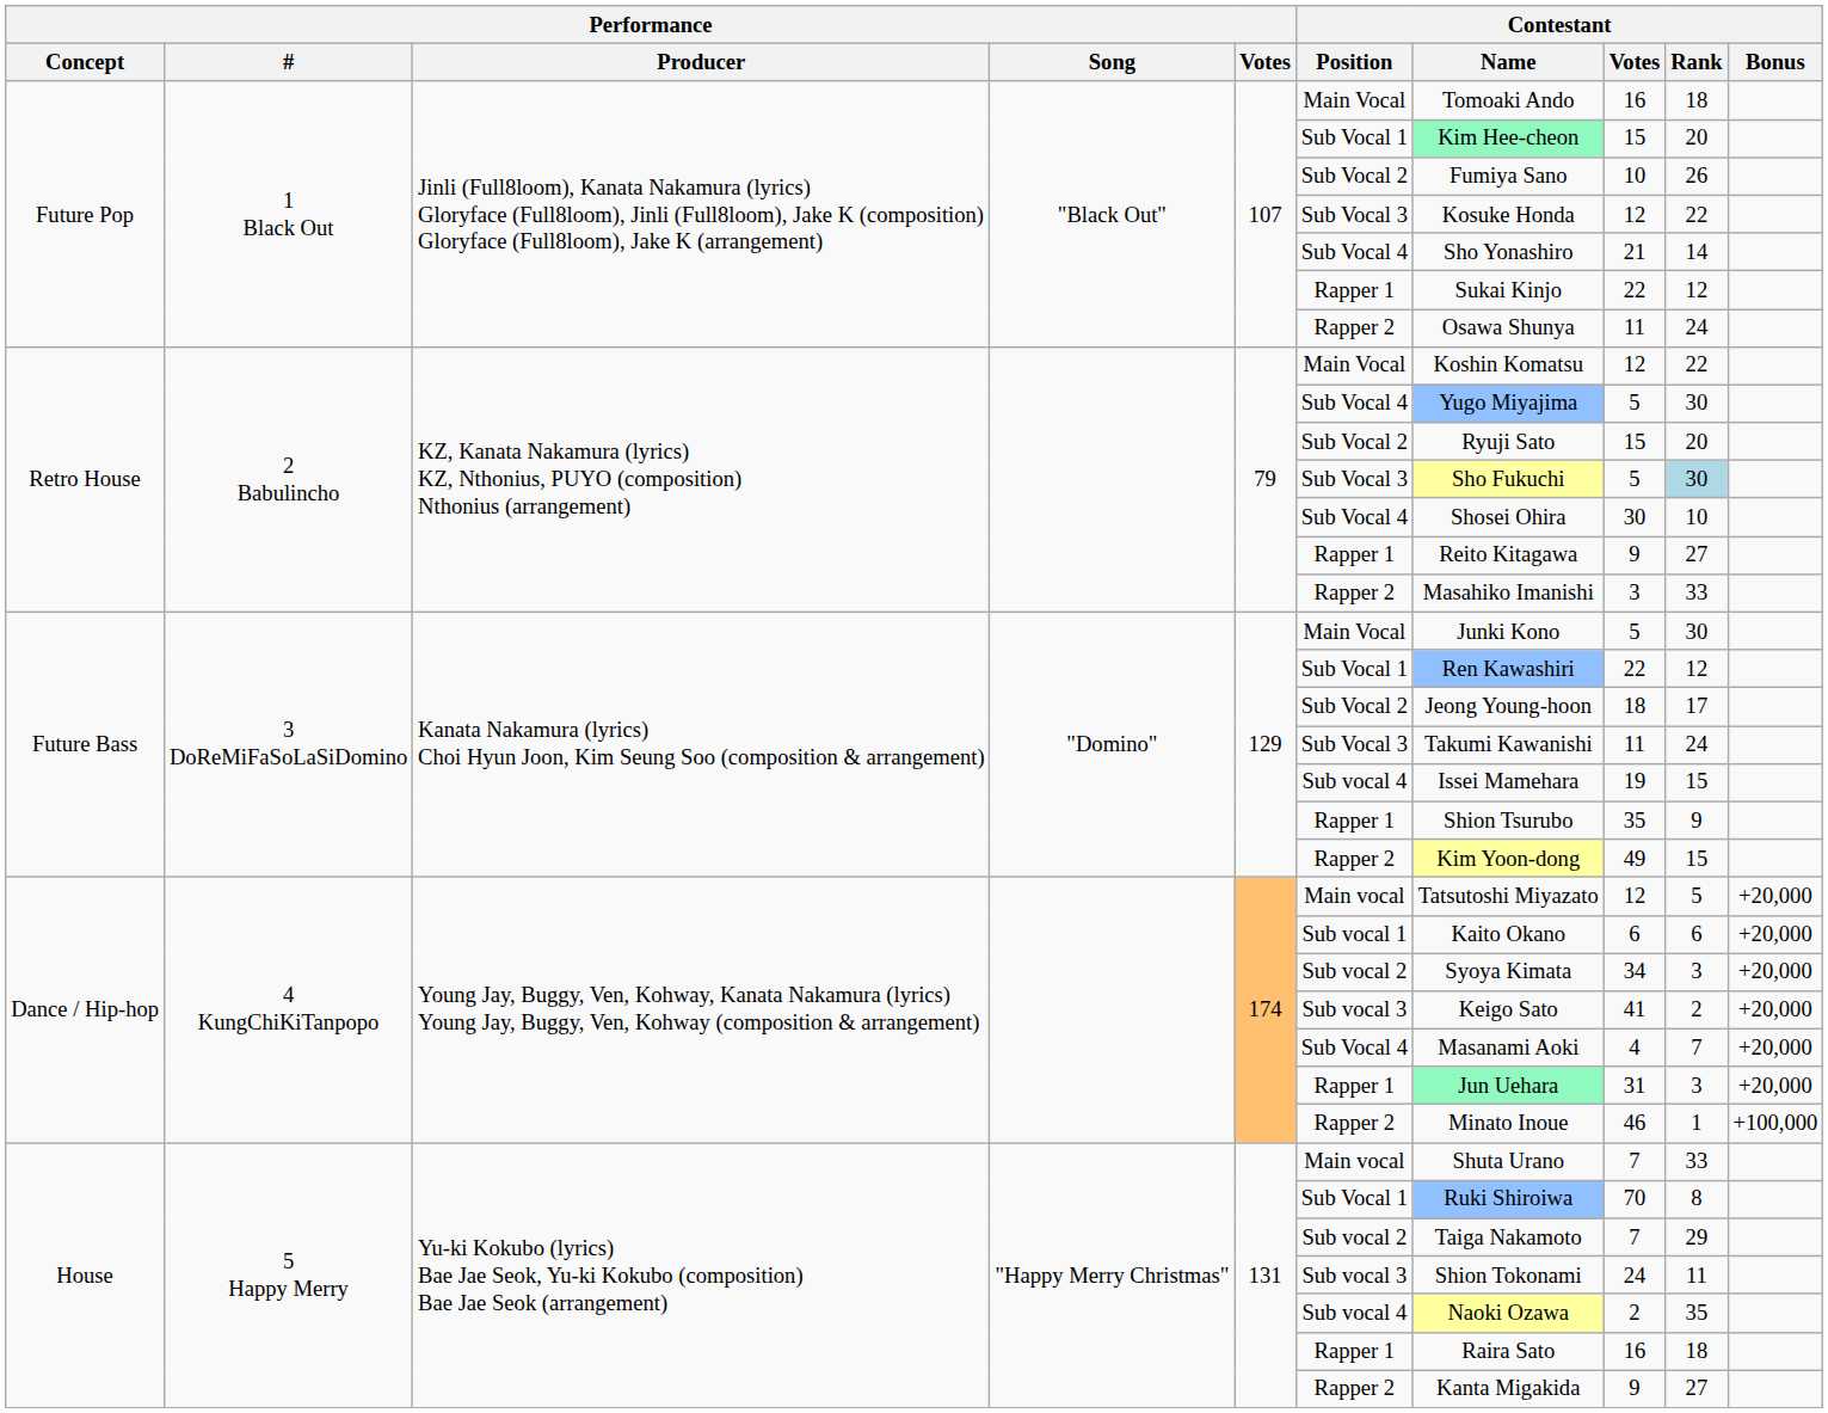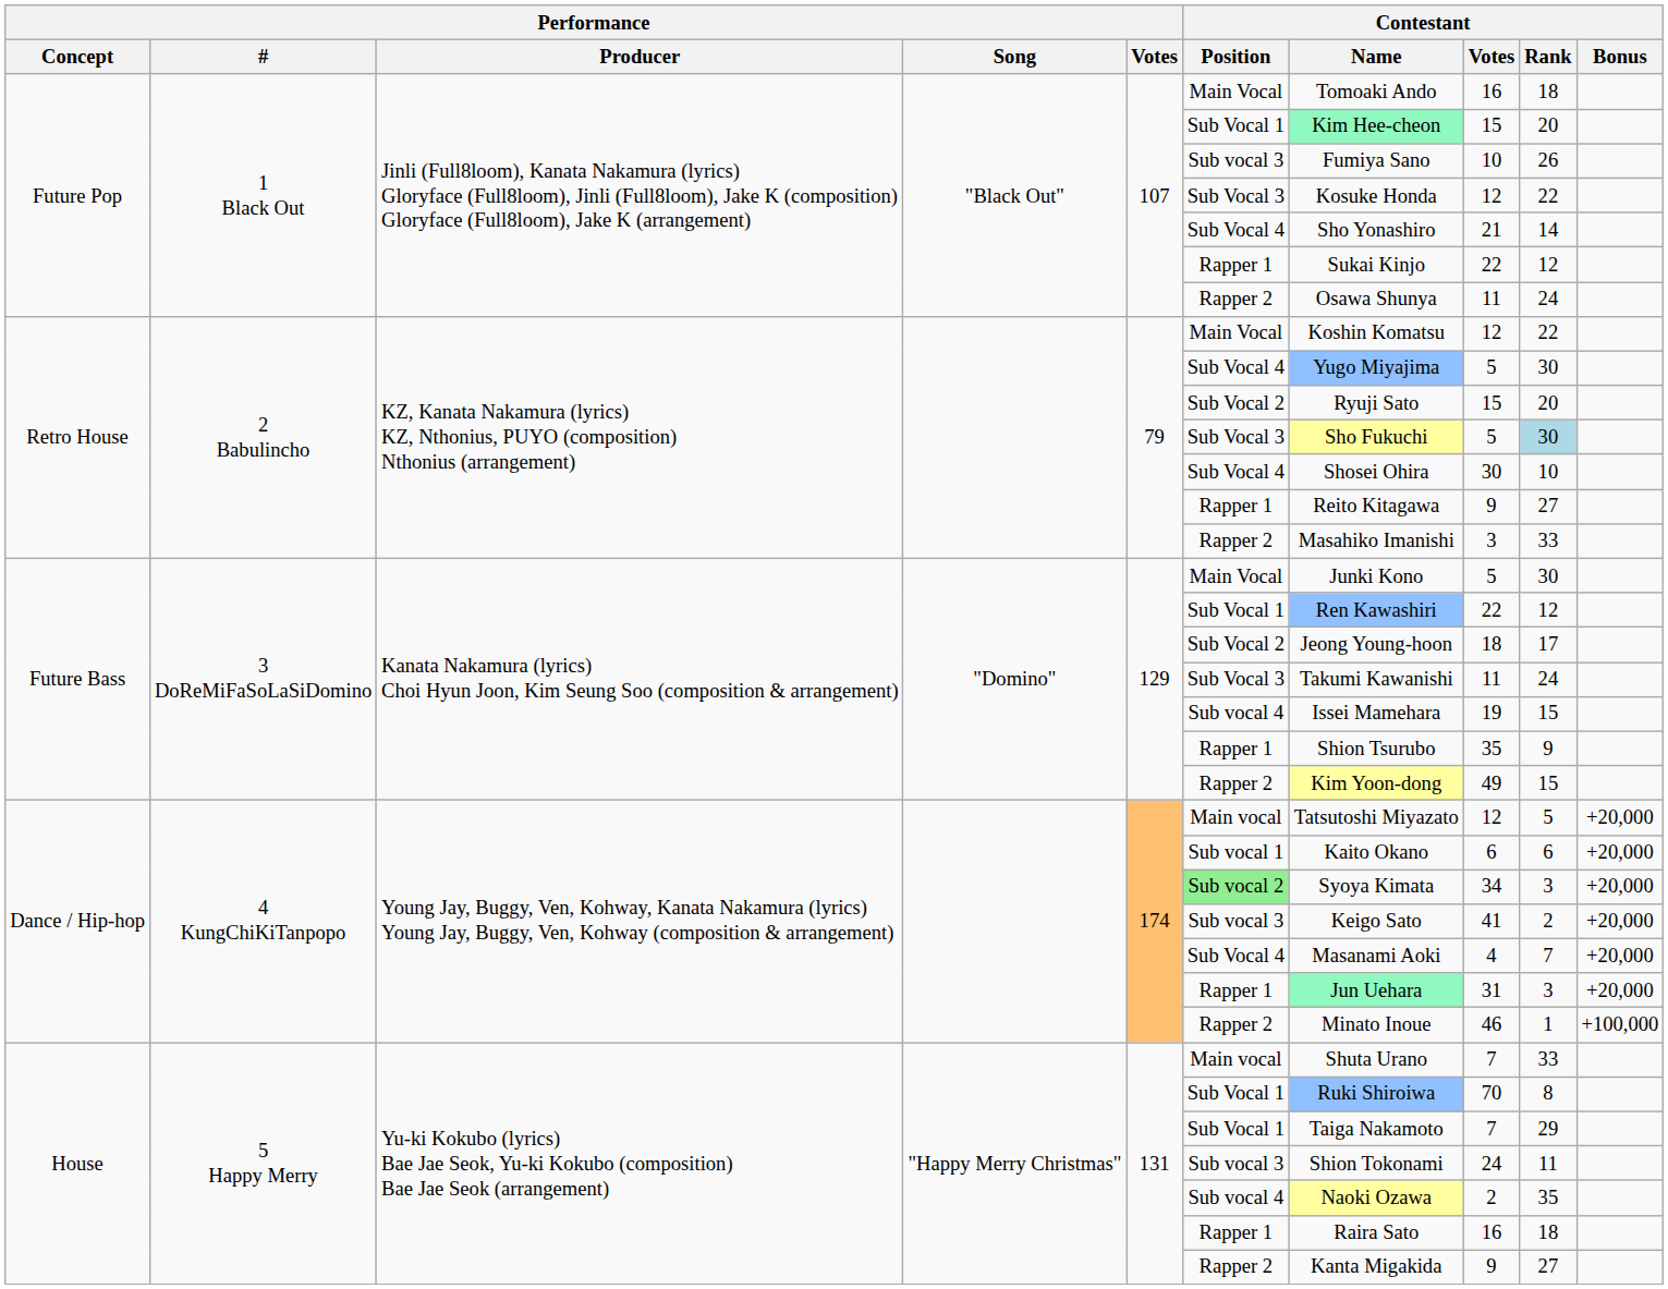 <table class="wikitable sortable" style="text-align:center; font-size: small;">
 <tr>
 <th colspan=5>Performance</th>
 <th colspan="5">Contestant</th>
 </tr>
 <tr>
 <th>Concept</th>
 <th>#</th>
 <th class=unsortable>Producer</th>
 <th class=unsortable>Song</th>
 <th>Votes</th>
 <th>Position</th>
 <th>Name</th>
 <th>Votes</th>
 <th>Rank</th>
 <th>Bonus</th>
 </tr>
 <tr>
 <td rowspan=7>Future Pop</td>
 <td rowspan=7>1<br>Black Out</td>
 <td rowspan=7 align=left>Jinli (Full8loom), Kanata Nakamura (lyrics)<br>Gloryface (Full8loom), Jinli (Full8loom), Jake K (composition)<br>Gloryface (Full8loom), Jake K (arrangement)</td>
 <td rowspan=7>"Black Out"</td>
 <td rowspan=7>107</td>
 <td>Main Vocal</td>
 <td>Tomoaki Ando</td>
 <td>16</td>
 <td>18</td>
 <td></td>
 </tr>
 <tr>
 <td>Sub Vocal 1</td>
 <td style=background:#90F9C0;>Kim Hee-cheon</td>
 <td>15</td>
 <td>20</td>
 <td></td>
 </tr>
 <tr>
-<td>Sub Vocal 2</td>
+<td>Sub vocal 3</td>
 <td>Fumiya Sano</td>
 <td>10</td>
 <td>26</td>
 <td></td>
 </tr>
 <tr>
 <td>Sub Vocal 3</td>
 <td>Kosuke Honda</td>
 <td>12</td>
 <td>22</td>
 <td></td>
 </tr>
 <tr>
 <td>Sub Vocal 4</td>
 <td>Sho Yonashiro</td>
 <td>21</td>
 <td>14</td>
 <td></td>
 </tr>
 <tr>
 <td>Rapper 1</td>
 <td>Sukai Kinjo</td>
 <td>22</td>
 <td>12</td>
 <td></td>
 </tr>
 <tr>
 <td>Rapper 2</td>
 <td>Osawa Shunya</td>
 <td>11</td>
 <td>24</td>
 <td></td>
 </tr>
 <tr>
 <td rowspan=7>Retro House</td>
 <td rowspan=7>2<br>Babulincho<br></td>
 <td rowspan=7 align=left>KZ, Kanata Nakamura (lyrics)<br>KZ, Nthonius, PUYO (composition)<br>Nthonius (arrangement)</td>
 <td rowspan=7></td>
 <td rowspan=7>79</td>
 <td>Main Vocal</td>
 <td>Koshin Komatsu</td>
 <td>12</td>
 <td>22</td>
 <td></td>
 </tr>
 <tr>
 <td>Sub Vocal 4</td>
 <td style=background:#90C0FF;>Yugo Miyajima</td>
 <td>5</td>
 <td>30</td>
 <td></td>
 </tr>
 <tr>
 <td>Sub Vocal 2</td>
 <td>Ryuji Sato</td>
 <td>15</td>
 <td>20</td>
 <td></td>
 </tr>
 <tr>
 <td>Sub Vocal 3</td>
 <td style=background:#FFFF9F;>Sho Fukuchi</td>
 <td>5</td>
 <td style="background: lightblue;">30</td>
 <td></td>
 </tr>
 <tr>
 <td>Sub Vocal 4</td>
 <td>Shosei Ohira</td>
 <td>30</td>
 <td>10</td>
 <td></td>
 </tr>
 <tr>
 <td>Rapper 1</td>
 <td>Reito Kitagawa</td>
 <td>9</td>
 <td>27</td>
 <td></td>
 </tr>
 <tr>
 <td>Rapper 2</td>
 <td>Masahiko Imanishi</td>
 <td>3</td>
 <td>33</td>
 <td></td>
 </tr>
 <tr>
 <td rowspan=7>Future Bass</td>
 <td rowspan=7>3<br>DoReMiFaSoLaSiDomino</td>
 <td rowspan=7 align=left>Kanata Nakamura (lyrics)<br>Choi Hyun Joon, Kim Seung Soo (composition & arrangement)</td>
 <td rowspan=7>"Domino"</td>
 <td rowspan=7>129</td>
 <td>Main Vocal</td>
 <td>Junki Kono</td>
 <td>5</td>
 <td>30</td>
 <td></td>
 </tr>
 <tr>
 <td>Sub Vocal 1</td>
 <td style=background:#90C0FF;>Ren Kawashiri</td>
 <td>22</td>
 <td>12</td>
 <td></td>
 </tr>
 <tr>
 <td>Sub Vocal 2</td>
 <td>Jeong Young-hoon</td>
 <td>18</td>
 <td>17</td>
 <td></td>
 </tr>
 <tr>
 <td>Sub Vocal 3</td>
 <td>Takumi Kawanishi</td>
 <td>11</td>
 <td>24</td>
 <td></td>
 </tr>
 <tr>
 <td>Sub vocal 4</td>
 <td>Issei Mamehara</td>
 <td>19</td>
 <td>15</td>
 <td></td>
 </tr>
 <tr>
 <td>Rapper 1</td>
 <td>Shion Tsurubo</td>
 <td>35</td>
 <td>9</td>
 <td></td>
 </tr>
 <tr>
 <td>Rapper 2</td>
 <td style=background:#FFFF9F;>Kim Yoon-dong</td>
 <td>49</td>
 <td>15</td>
 <td></td>
 </tr>
 <tr>
 <td rowspan=7>Dance / Hip-hop</td>
 <td rowspan=7>4<br>KungChiKiTanpopo<br></td>
 <td rowspan=7 align=left>Young Jay, Buggy, Ven, Kohway, Kanata Nakamura (lyrics)<br>Young Jay, Buggy, Ven, Kohway (composition & arrangement)</td>
 <td rowspan=7></td>
 <td rowspan=7 style="background:#FFC06F;">174</td>
 <td>Main vocal</td>
 <td>Tatsutoshi Miyazato</td>
 <td>12</td>
 <td>5</td>
 <td>+20,000</td>
 </tr>
 <tr>
 <td>Sub vocal 1</td>
 <td>Kaito Okano</td>
 <td>6</td>
 <td>6</td>
 <td>+20,000</td>
 </tr>
 <tr>
-<td>Sub vocal 2</td>
+<td style="background: lightgreen;">Sub vocal 2</td>
 <td>Syoya Kimata</td>
 <td>34</td>
 <td>3</td>
 <td>+20,000</td>
 </tr>
 <tr>
 <td>Sub vocal 3</td>
 <td>Keigo Sato</td>
 <td>41</td>
 <td>2</td>
 <td>+20,000</td>
 </tr>
 <tr>
 <td>Sub Vocal 4</td>
 <td>Masanami Aoki</td>
 <td>4</td>
 <td>7</td>
 <td>+20,000</td>
 </tr>
 <tr>
 <td>Rapper 1</td>
 <td style=background:#90F9C0;>Jun Uehara</td>
 <td>31</td>
 <td>3</td>
 <td>+20,000</td>
 </tr>
 <tr>
 <td>Rapper 2</td>
 <td>Minato Inoue</td>
 <td>46</td>
 <td>1</td>
 <td>+100,000</td>
 </tr>
 <tr>
 <td rowspan=7>House</td>
 <td rowspan=7>5<br>Happy Merry</td>
 <td rowspan=7 align=left>Yu-ki Kokubo (lyrics)<br>Bae Jae Seok, Yu-ki Kokubo (composition)<br>Bae Jae Seok (arrangement)</td>
 <td rowspan=7>"Happy Merry Christmas"</td>
 <td rowspan=7>131</td>
 <td>Main vocal</td>
 <td>Shuta Urano</td>
 <td>7</td>
 <td>33</td>
 <td></td>
 </tr>
 <tr>
 <td>Sub Vocal 1</td>
 <td style=background:#90C0FF;>Ruki Shiroiwa</td>
 <td>70</td>
 <td>8</td>
 <td></td>
 </tr>
 <tr>
-<td>Sub vocal 2</td>
+<td>Sub Vocal 1</td>
 <td>Taiga Nakamoto</td>
 <td>7</td>
 <td>29</td>
 <td></td>
 </tr>
 <tr>
 <td>Sub vocal 3</td>
 <td>Shion Tokonami</td>
 <td>24</td>
 <td>11</td>
 <td></td>
 </tr>
 <tr>
 <td>Sub vocal 4</td>
 <td style=background:#FFFF9F;>Naoki Ozawa</td>
 <td>2</td>
 <td>35</td>
 <td></td>
 </tr>
 <tr>
 <td>Rapper 1</td>
 <td>Raira Sato</td>
 <td>16</td>
 <td>18</td>
 <td></td>
 </tr>
 <tr>
 <td>Rapper 2</td>
 <td>Kanta Migakida</td>
 <td>9</td>
 <td>27</td>
 <td></td>
 </tr>
 <tr>
 </tr>
 </table>
